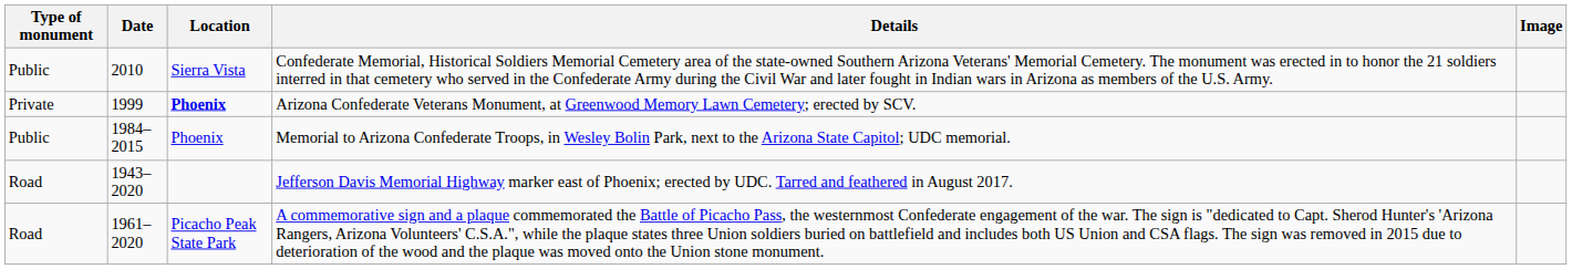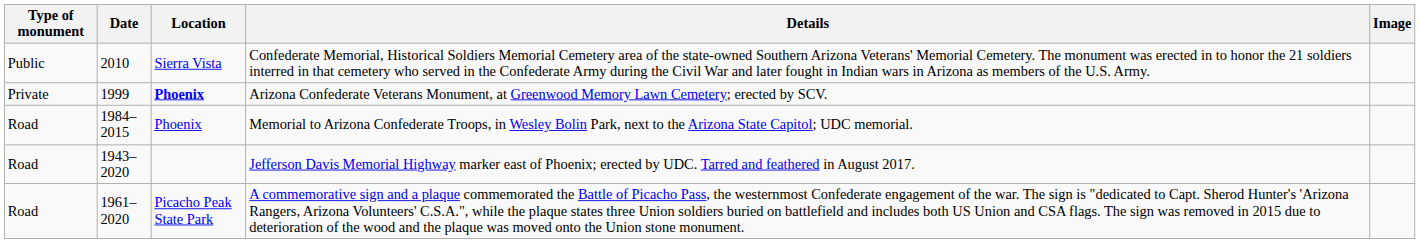 <table class="wikitable sortable">
 <tr>
 <th>Type of monument</th>
 <th>Date</th>
 <th>Location</th>
 <th class="unsortable">Details</th>
 <th class="unsortable">Image</th>
 </tr>
 <tr>
 <td>Public</td>
 <td>2010</td>
 <td><a href='#'>Sierra Vista</a></td>
 <td>Confederate Memorial, Historical Soldiers Memorial Cemetery area of the state-owned Southern Arizona Veterans' Memorial Cemetery. The monument was erected in to honor the 21 soldiers interred in that cemetery who served in the Confederate Army during the Civil War and later fought in Indian wars in Arizona as members of the U.S. Army.</td>
 <td></td>
 </tr>
 <tr>
 <td>Private</td>
 <td>1999</td>
 <td><strong><a href='#'>Phoenix</a></strong></td>
 <td>Arizona Confederate Veterans Monument, at <a href='#'>Greenwood Memory Lawn Cemetery</a>; erected by SCV.</td>
 <td></td>
 </tr>
 <tr>
-<td>Public</td>
+<td>Road</td>
 <td>1984–2015</td>
 <td><a href='#'>Phoenix</a></td>
 <td>Memorial to Arizona Confederate Troops, in <a href='#'>Wesley Bolin</a> Park, next to the <a href='#'>Arizona State Capitol</a>; UDC memorial.</td>
 <td></td>
 </tr>
 <tr>
 <td>Road</td>
 <td>1943–2020</td>
 <td></td>
 <td><a href='#'>Jefferson Davis Memorial Highway</a> marker  east of Phoenix; erected by UDC. <a href='#'>Tarred and feathered</a> in August 2017.</td>
 <td></td>
 </tr>
 <tr>
 <td>Road</td>
 <td>1961–2020</td>
 <td><a href='#'>Picacho Peak State Park</a></td>
 <td><a href='#'>A commemorative sign and a plaque</a> commemorated the <a href='#'>Battle of Picacho Pass</a>, the westernmost Confederate engagement of the war. The sign is "dedicated to Capt. Sherod Hunter's 'Arizona Rangers, Arizona Volunteers' C.S.A.", while the plaque states three Union soldiers buried on battlefield and includes both US Union and CSA flags. The sign was removed in 2015 due to deterioration of the wood and the plaque was moved onto the Union stone monument.</td>
 <td></td>
 </tr>
 </table>
